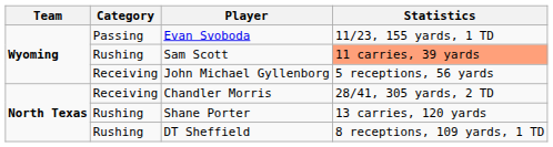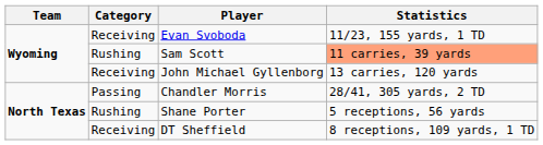 <table class="wikitable" style="float: right;">
 <tr>
 <th>Team</th>
 <th>Category</th>
 <th>Player</th>
 <th>Statistics</th>
 </tr>
 <tr>
 <td rowspan=3><strong>Wyoming</strong></td>
-<td>Passing</td>
+<td>Receiving</td>
 <td><a href='#'>Evan Svoboda</a></td>
 <td>11/23, 155 yards, 1 TD</td>
 </tr>
 <tr>
 <td>Rushing</td>
 <td>Sam Scott</td>
 <td style="background: lightsalmon;">11 carries, 39 yards</td>
 </tr>
 <tr>
 <td>Receiving</td>
 <td>John Michael Gyllenborg</td>
-<td>5 receptions, 56 yards</td>
+<td>13 carries, 120 yards</td>
 </tr>
 <tr>
 <td rowspan=3><strong>North Texas</strong></td>
-<td>Receiving</td>
+<td>Passing</td>
 <td>Chandler Morris</td>
 <td>28/41, 305 yards, 2 TD</td>
 </tr>
 <tr>
 <td>Rushing</td>
 <td>Shane Porter</td>
-<td>13 carries, 120 yards</td>
+<td>5 receptions, 56 yards</td>
 </tr>
 <tr>
-<td>Rushing</td>
+<td>Receiving</td>
 <td>DT Sheffield</td>
 <td>8 receptions, 109 yards, 1 TD</td>
 </tr>
 </table>
